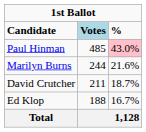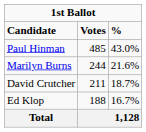 <table class="wikitable">
 <tr>
 <td colspan="3" style="text-align:center;"><strong>1st Ballot</strong></td>
 </tr>
 <tr>
 <td><strong>Candidate</strong></td>
-<td style="background: lightblue;"><strong>Votes</strong></td>
+<td><strong>Votes</strong></td>
 <td><strong>%</strong></td>
 </tr>
 <tr>
 <td><a href='#'>Paul Hinman</a></td>
 <td style="text-align:right;">485</td>
-<td style="background: pink;">43.0%</td>
+<td>43.0%</td>
 </tr>
 <tr>
 <td><a href='#'>Marilyn Burns</a></td>
 <td style="text-align:right;">244</td>
 <td>21.6%</td>
 </tr>
 <tr>
 <td>David Crutcher</td>
 <td style="text-align:right;">211</td>
 <td>18.7%</td>
 </tr>
 <tr>
 <td>Ed Klop</td>
 <td style="text-align:right;">188</td>
 <td>16.7%</td>
 </tr>
 <tr>
 <th>Total</th>
 <th colspan="2" style="text-align:right;">1,128</th>
 </tr>
 </table>
